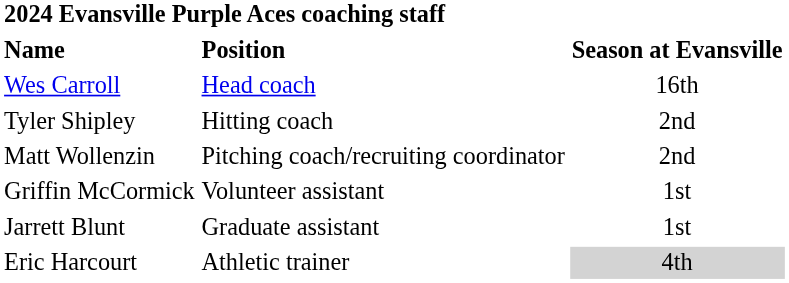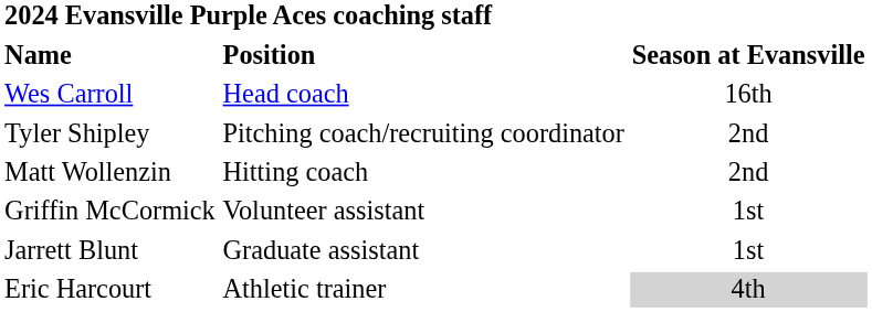 <table class="toccolours" style="text-align: left; font-size:90%;">
 <tr>
 <th colspan="9">2024 Evansville Purple Aces coaching staff</th>
 </tr>
 <tr>
 <th>Name</th>
 <th>Position</th>
 <th>Season at Evansville</th>
 </tr>
 <tr>
 <td><a href='#'>Wes Carroll</a></td>
 <td><a href='#'>Head coach</a></td>
 <td align=center>16th</td>
 </tr>
 <tr>
 <td>Tyler Shipley</td>
-<td>Hitting coach</td>
+<td>Pitching coach/recruiting coordinator</td>
 <td align=center>2nd</td>
 </tr>
 <tr>
 <td>Matt Wollenzin</td>
-<td>Pitching coach/recruiting coordinator</td>
+<td>Hitting coach</td>
 <td align=center>2nd</td>
 </tr>
 <tr>
 <td>Griffin McCormick</td>
 <td>Volunteer assistant</td>
 <td align=center>1st</td>
 </tr>
 <tr>
 <td>Jarrett Blunt</td>
 <td>Graduate assistant</td>
 <td align=center>1st</td>
 </tr>
 <tr>
 <td>Eric Harcourt</td>
 <td>Athletic trainer</td>
 <td align=center style="background: lightgrey;">4th</td>
 </tr>
 </table>
